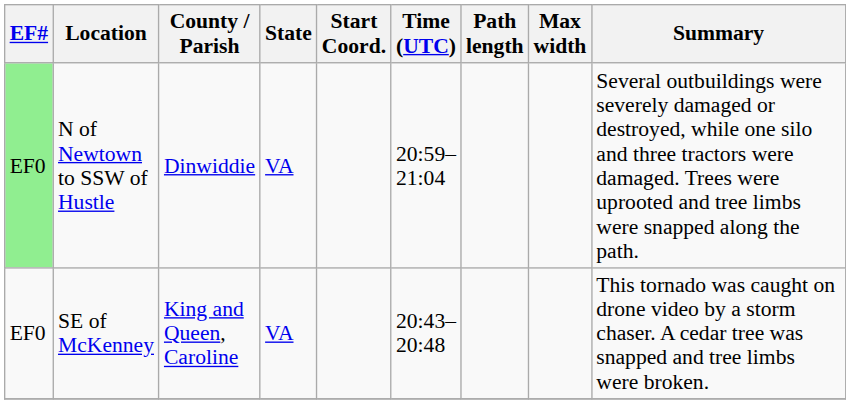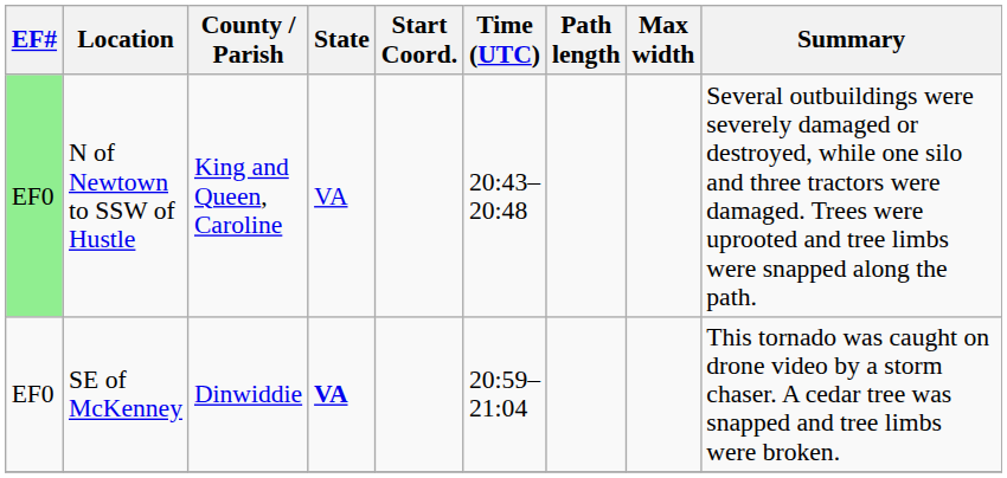 <table class="wikitable sortable" style="width:100%;">
 <tr>
 <th scope="col"  style="width:3%; text-align:center;"><a href='#'>EF#</a></th>
 <th scope="col"  style="width:7%; text-align:center;" class="unsortable">Location</th>
 <th scope="col"  style="width:6%; text-align:center;" class="unsortable">County / Parish</th>
 <th scope="col"  style="width:5%; text-align:center;">State</th>
 <th scope="col"  style="width:6%; text-align:center;">Start Coord.</th>
 <th scope="col"  style="width:6%; text-align:center;">Time (<a href='#'>UTC</a>)</th>
 <th scope="col"  style="width:6%; text-align:center;">Path length</th>
 <th scope="col"  style="width:6%; text-align:center;">Max width</th>
 <th scope="col" class="unsortable" style="width:48%; text-align:center;">Summary</th>
 </tr>
 <tr>
 <td style="background: lightgreen;">EF0</td>
 <td>N of <a href='#'>Newtown</a> to SSW of <a href='#'>Hustle</a></td>
-<td><a href='#'>Dinwiddie</a></td>
+<td><a href='#'>King and Queen</a>, <a href='#'>Caroline</a></td>
 <td><a href='#'>VA</a></td>
 <td></td>
-<td>20:59–21:04</td>
+<td>20:43–20:48</td>
 <td></td>
 <td></td>
 <td>Several outbuildings were severely damaged or destroyed, while one silo and three tractors were damaged. Trees were uprooted and tree limbs were snapped along the path.</td>
 </tr>
 <tr>
 <td>EF0</td>
 <td>SE of <a href='#'>McKenney</a></td>
-<td><a href='#'>King and Queen</a>, <a href='#'>Caroline</a></td>
-<td><a href='#'>VA</a></td>
+<td><a href='#'>Dinwiddie</a></td>
+<td><strong><a href='#'>VA</a></strong></td>
 <td></td>
-<td>20:43–20:48</td>
+<td>20:59–21:04</td>
 <td></td>
 <td></td>
 <td>This tornado was caught on drone video by a storm chaser. A cedar tree was snapped and tree limbs were broken.</td>
 </tr>
 <tr>
 </tr>
 </table>
